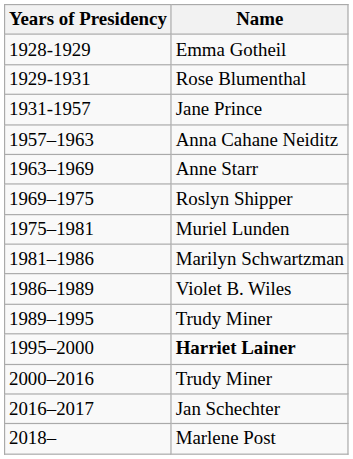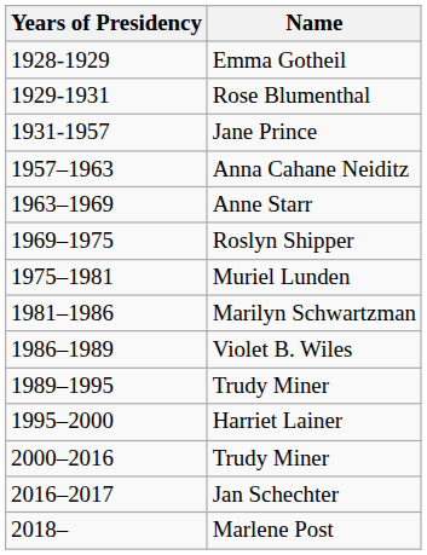 <table class="wikitable">
 <tr>
 <th><strong>Years of Presidency</strong></th>
 <th><strong>Name</strong></th>
 </tr>
 <tr>
 <td>1928-1929</td>
 <td>Emma Gotheil</td>
 </tr>
 <tr>
 <td>1929-1931</td>
 <td>Rose Blumenthal</td>
 </tr>
 <tr>
 <td>1931-1957</td>
 <td>Jane Prince</td>
 </tr>
 <tr>
 <td>1957–1963</td>
 <td>Anna Cahane Neiditz</td>
 </tr>
 <tr>
 <td>1963–1969</td>
 <td>Anne Starr</td>
 </tr>
 <tr>
 <td>1969–1975</td>
 <td>Roslyn Shipper</td>
 </tr>
 <tr>
 <td>1975–1981</td>
 <td>Muriel Lunden</td>
 </tr>
 <tr>
 <td>1981–1986</td>
 <td>Marilyn Schwartzman</td>
 </tr>
 <tr>
 <td>1986–1989</td>
 <td>Violet B. Wiles</td>
 </tr>
 <tr>
 <td>1989–1995</td>
 <td>Trudy Miner</td>
 </tr>
 <tr>
 <td>1995–2000</td>
-<td><strong>Harriet Lainer</strong></td>
+<td>Harriet Lainer</td>
 </tr>
 <tr>
 <td>2000–2016</td>
 <td>Trudy Miner</td>
 </tr>
 <tr>
 <td>2016–2017</td>
 <td>Jan Schechter</td>
 </tr>
 <tr>
 <td>2018–</td>
 <td>Marlene Post</td>
 </tr>
 </table>
